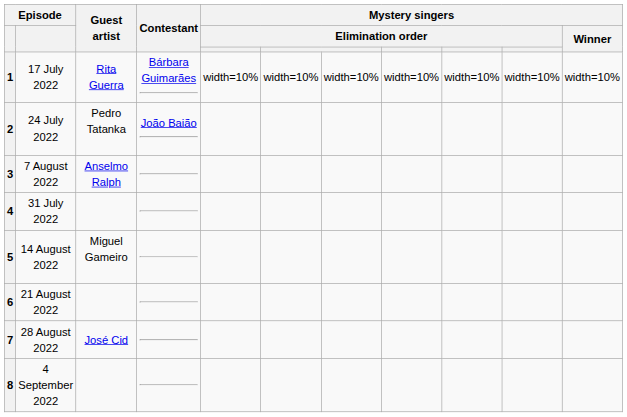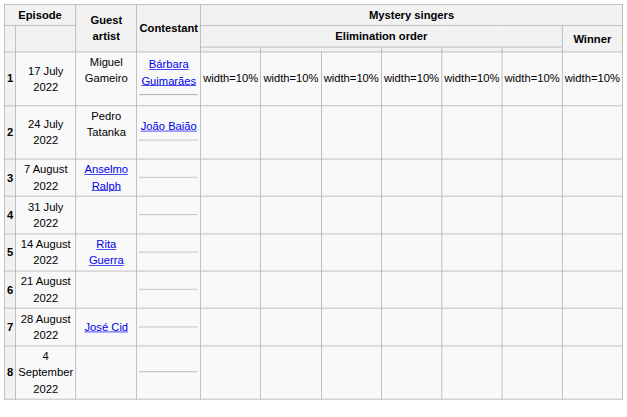 <table class="wikitable plainrowheaders mw-collapsible" style="text-align:center; line-height:23px; width:100%;">
 <tr>
 <th colspan="2" width="1%">Episode</th>
 <th rowspan="3" width="10%">Guest artist</th>
 <th rowspan="3" width="10%">Contestant</th>
 <th colspan="7">Mystery singers<br></th>
 </tr>
 <tr>
 <th rowspan="2"></th>
 <th rowspan="2"></th>
 <th colspan="6">Elimination order</th>
 <th rowspan="2">Winner</th>
 </tr>
 <tr>
 <th></th>
 <th colspan="2"></th>
 <th></th>
 <th></th>
 <th></th>
 </tr>
 <tr>
 <th>1</th>
 <td>17 July 2022</td>
-<td><a href='#'>Rita Guerra</a><br></td>
+<td>Miguel Gameiro<br><br></td>
 <td><a href='#'>Bárbara Guimarães</a><hr></td>
 <td>width=10% </td>
 <td>width=10% </td>
 <td>width=10% </td>
 <td>width=10% </td>
 <td>width=10% </td>
 <td>width=10% </td>
 <td>width=10% </td>
 </tr>
 <tr>
 <th>2</th>
 <td>24 July 2022</td>
 <td>Pedro Tatanka<br><br></td>
 <td><a href='#'>João Baião</a><hr></td>
 <td></td>
 <td></td>
 <td></td>
 <td></td>
 <td></td>
 <td></td>
 <td></td>
 </tr>
 <tr>
 <th>3</th>
 <td>7 August 2022</td>
 <td><a href='#'>Anselmo Ralph</a></td>
 <td><hr></td>
 <td></td>
 <td></td>
 <td></td>
 <td></td>
 <td></td>
 <td></td>
 <td></td>
 </tr>
 <tr>
 <th>4</th>
 <td>31 July 2022</td>
 <td></td>
 <td><hr></td>
 <td></td>
 <td></td>
 <td></td>
 <td></td>
 <td></td>
 <td></td>
 <td></td>
 </tr>
 <tr>
 <th>5</th>
 <td>14 August 2022</td>
-<td>Miguel Gameiro<br><br></td>
+<td><a href='#'>Rita Guerra</a><br></td>
 <td><hr></td>
 <td></td>
 <td></td>
 <td></td>
 <td></td>
 <td></td>
 <td></td>
 <td></td>
 </tr>
 <tr>
 <th>6</th>
 <td>21 August 2022</td>
 <td></td>
 <td><hr></td>
 <td></td>
 <td></td>
 <td></td>
 <td></td>
 <td></td>
 <td></td>
 <td></td>
 </tr>
 <tr>
 <th>7</th>
 <td>28 August 2022</td>
 <td><a href='#'>José Cid</a><br></td>
 <td><hr></td>
 <td></td>
 <td></td>
 <td></td>
 <td></td>
 <td></td>
 <td></td>
 <td></td>
 </tr>
 <tr>
 <th>8</th>
 <td>4 September 2022</td>
 <td></td>
 <td><hr></td>
 <td></td>
 <td></td>
 <td></td>
 <td></td>
 <td></td>
 <td></td>
 <td></td>
 </tr>
 </table>
